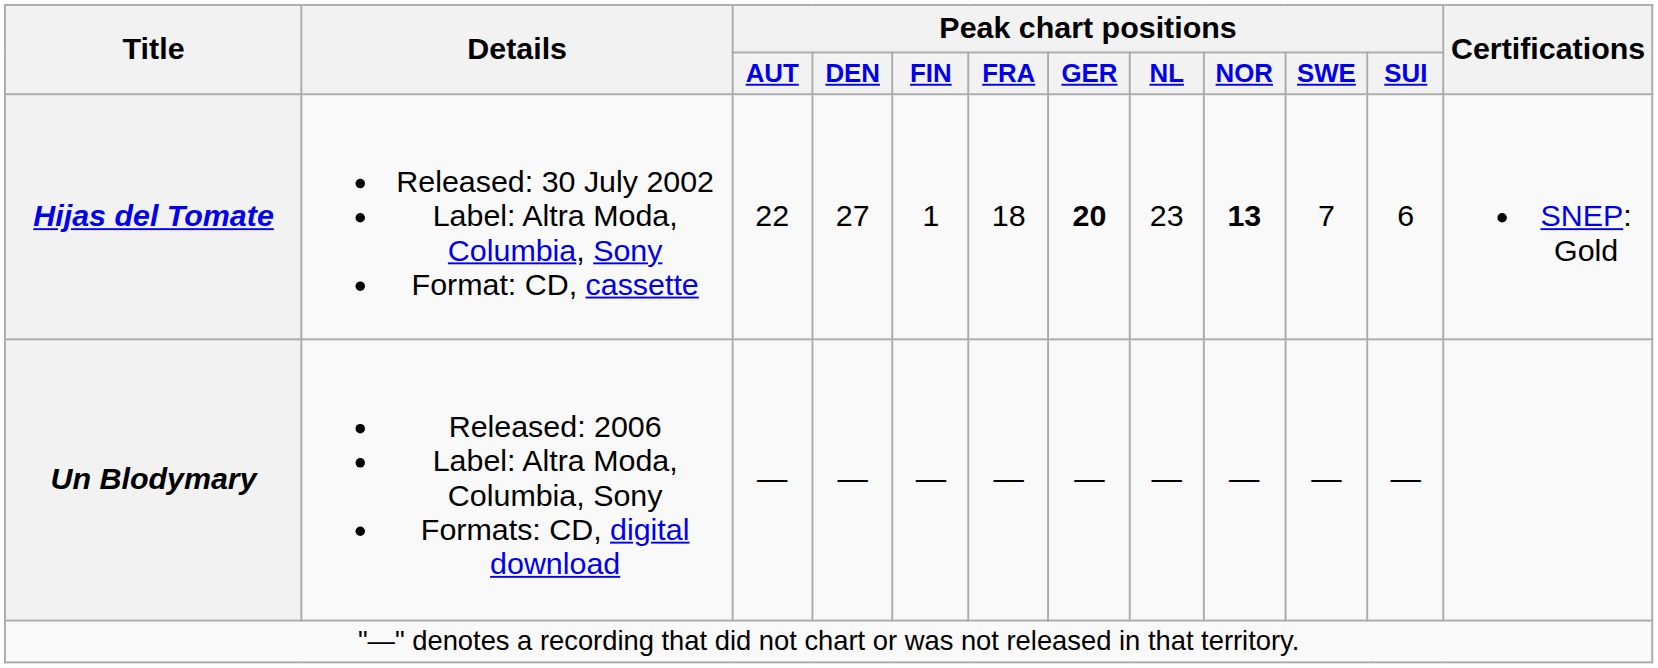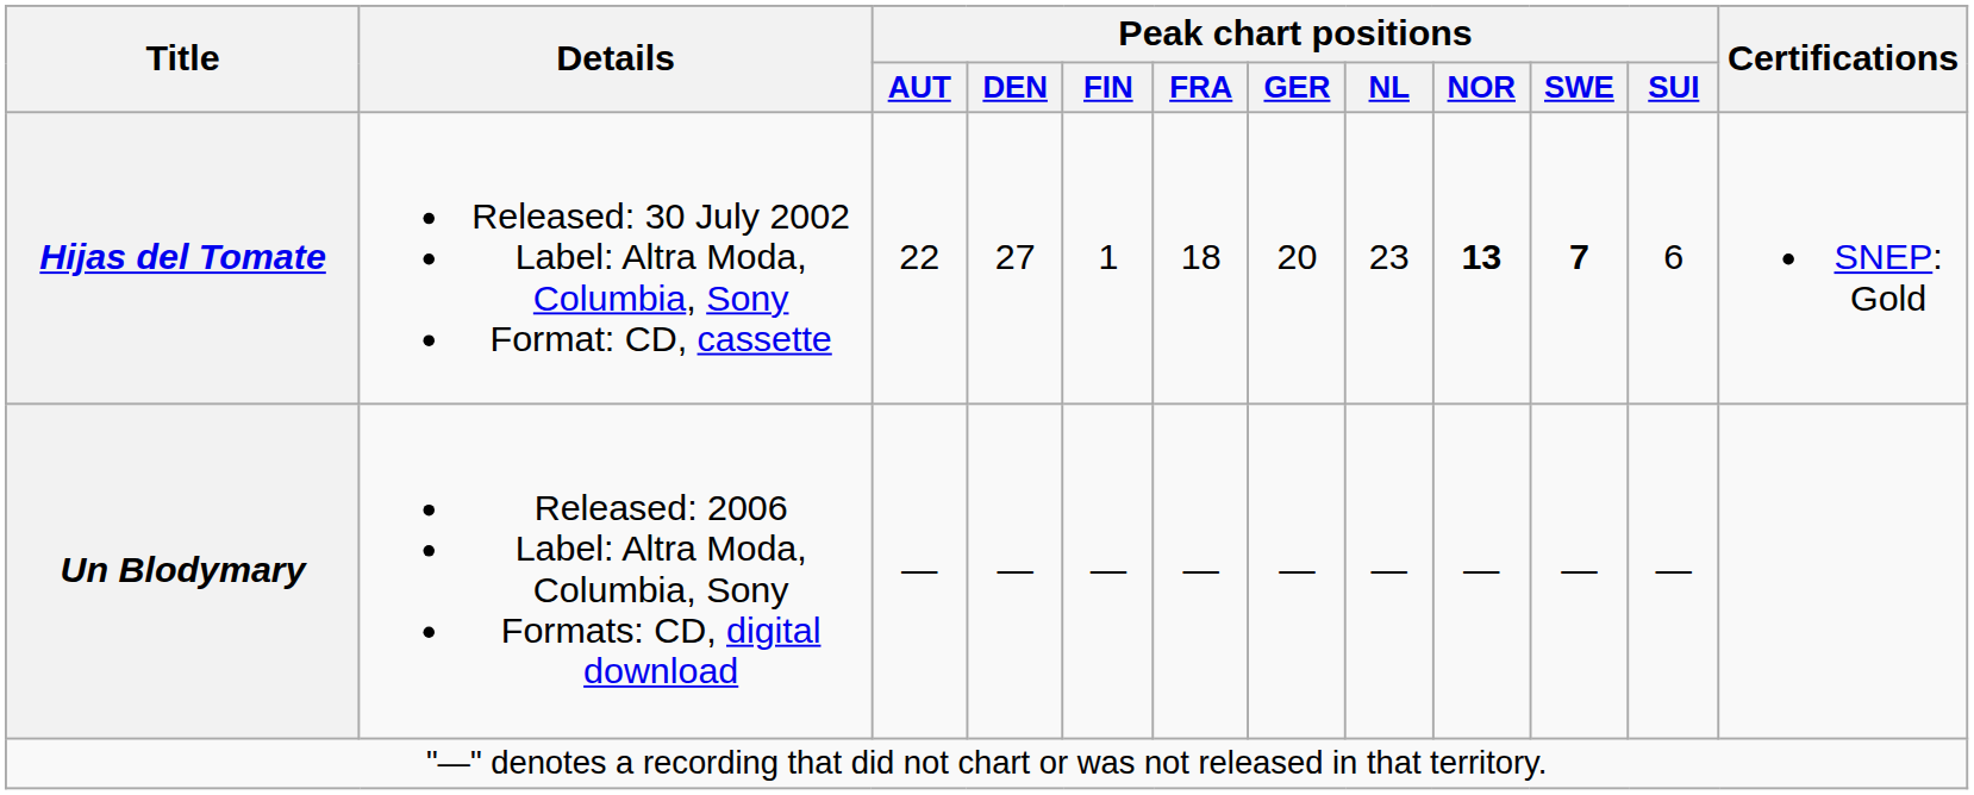 <table class="wikitable plainrowheaders" style="text-align:center;">
 <tr>
 <th scope="col" rowspan="2" style="width:12em;">Title</th>
 <th scope="col" rowspan="2" style="width:18em;">Details</th>
 <th scope="col" colspan="9">Peak chart positions</th>
 <th scope="col" rowspan="2">Certifications</th>
 </tr>
 <tr>
 <th scope="col" style="width:3em;font-size:85%;"><a href='#'>AUT</a><br></th>
 <th scope="col" style="width:3em;font-size:85%;"><a href='#'>DEN</a><br></th>
 <th scope="col" style="width:3em;font-size:85%;"><a href='#'>FIN</a><br></th>
 <th scope="col" style="width:3em;font-size:85%;"><a href='#'>FRA</a><br></th>
 <th scope="col" style="width:3em;font-size:85%;"><a href='#'>GER</a><br></th>
 <th scope="col" style="width:3em;font-size:85%;"><a href='#'>NL</a><br></th>
 <th scope="col" style="width:3em;font-size:85%;"><a href='#'>NOR</a><br></th>
 <th scope="col" style="width:3em;font-size:85%;"><a href='#'>SWE</a><br></th>
 <th scope="col" style="width:3em;font-size:85%;"><a href='#'>SUI</a><br></th>
 </tr>
 <tr>
 <th scope="row"><em><a href='#'>Hijas del Tomate</a></em></th>
 <td><br><ul><li>Released: 30 July 2002</li><li>Label: Altra Moda, <a href='#'>Columbia</a>, <a href='#'>Sony</a></li><li>Format: CD, <a href='#'>cassette</a></li></ul></td>
 <td>22</td>
 <td>27</td>
 <td>1</td>
 <td>18</td>
-<td><strong>20</strong></td>
+<td>20</td>
 <td>23</td>
 <td><strong>13</strong></td>
-<td>7</td>
+<td><strong>7</strong></td>
 <td>6</td>
 <td><br><ul><li><a href='#'>SNEP</a>: Gold</li></ul></td>
 </tr>
 <tr>
 <th scope="row"><em>Un Blodymary</em></th>
 <td><br><ul><li>Released: 2006</li><li>Label: Altra Moda, Columbia, Sony</li><li>Formats: CD, <a href='#'>digital download</a></li></ul></td>
 <td>—</td>
 <td>—</td>
 <td>—</td>
 <td>—</td>
 <td>—</td>
 <td>—</td>
 <td>—</td>
 <td>—</td>
 <td>—</td>
 <td></td>
 </tr>
 <tr>
 <td colspan="14" style="font-size:90%">"—" denotes a recording that did not chart or was not released in that territory.</td>
 </tr>
 </table>
